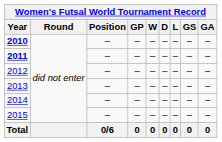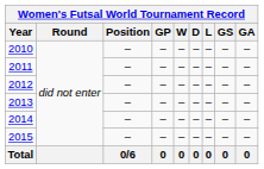 <table class="wikitable" style="text-align: center;font-size:90%;">
 <tr>
 <th colspan=9><a href='#'>Women's Futsal World Tournament Record</a></th>
 </tr>
 <tr>
 <th>Year</th>
 <th>Round</th>
 <th>Position</th>
 <th>GP</th>
 <th>W</th>
 <th>D</th>
 <th>L</th>
 <th>GS</th>
 <th>GA</th>
 </tr>
 <tr>
-<td><strong> <a href='#'>2010</a></strong></td>
+<td> <a href='#'>2010</a></td>
 <td rowspan=6><em>did not enter</em></td>
 <td>–</td>
 <td>–</td>
 <td>–</td>
 <td>–</td>
 <td>–</td>
 <td>–</td>
 <td>–</td>
 </tr>
 <tr>
-<td><strong> <a href='#'>2011</a></strong></td>
+<td> <a href='#'>2011</a></td>
 <td>–</td>
 <td>–</td>
 <td>–</td>
 <td>–</td>
 <td>–</td>
 <td>–</td>
 <td>–</td>
 </tr>
 <tr>
 <td> <a href='#'>2012</a></td>
 <td>–</td>
 <td>–</td>
 <td>–</td>
 <td>–</td>
 <td>–</td>
 <td>–</td>
 <td>–</td>
 </tr>
 <tr>
 <td> <a href='#'>2013</a></td>
 <td>–</td>
 <td>–</td>
 <td>–</td>
 <td>–</td>
 <td>–</td>
 <td>–</td>
 <td>–</td>
 </tr>
 <tr>
 <td> <a href='#'>2014</a></td>
 <td>–</td>
 <td>–</td>
 <td>–</td>
 <td>–</td>
 <td>–</td>
 <td>–</td>
 <td>–</td>
 </tr>
 <tr>
 <td> <a href='#'>2015</a></td>
 <td>–</td>
 <td>–</td>
 <td>–</td>
 <td>–</td>
 <td>–</td>
 <td>–</td>
 <td>–</td>
 </tr>
 <tr>
 <th><strong>Total</strong></th>
 <th><strong></strong></th>
 <th><strong>0/6</strong></th>
 <th><strong>0</strong></th>
 <th><strong>0</strong></th>
 <th><strong>0</strong></th>
 <th><strong>0</strong></th>
 <th><strong>0</strong></th>
 <th><strong>0</strong></th>
 </tr>
 </table>
